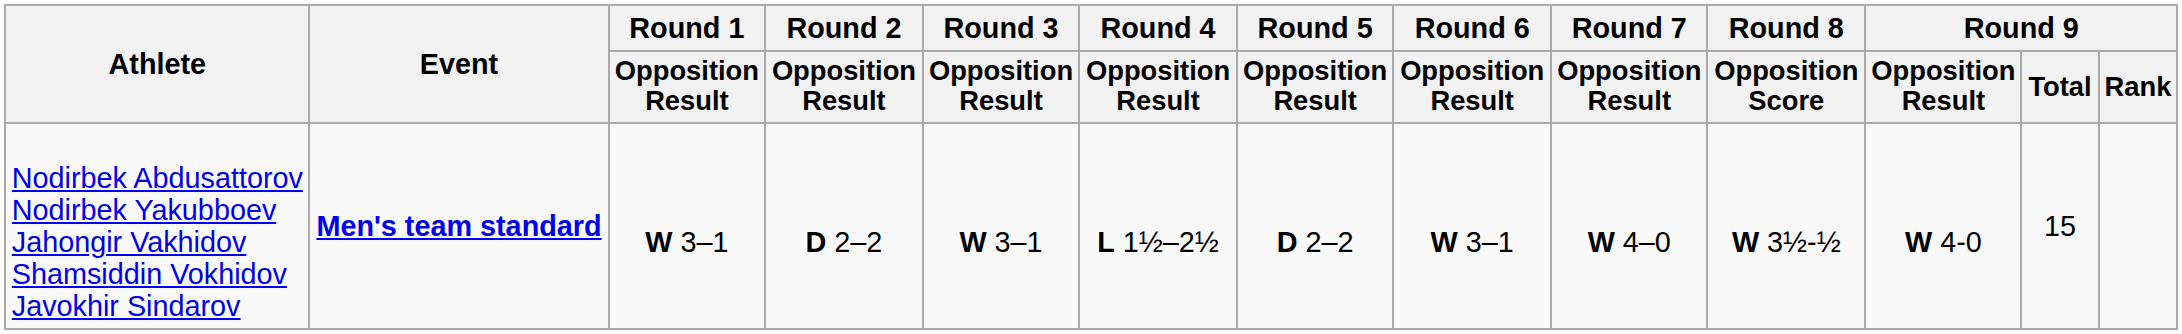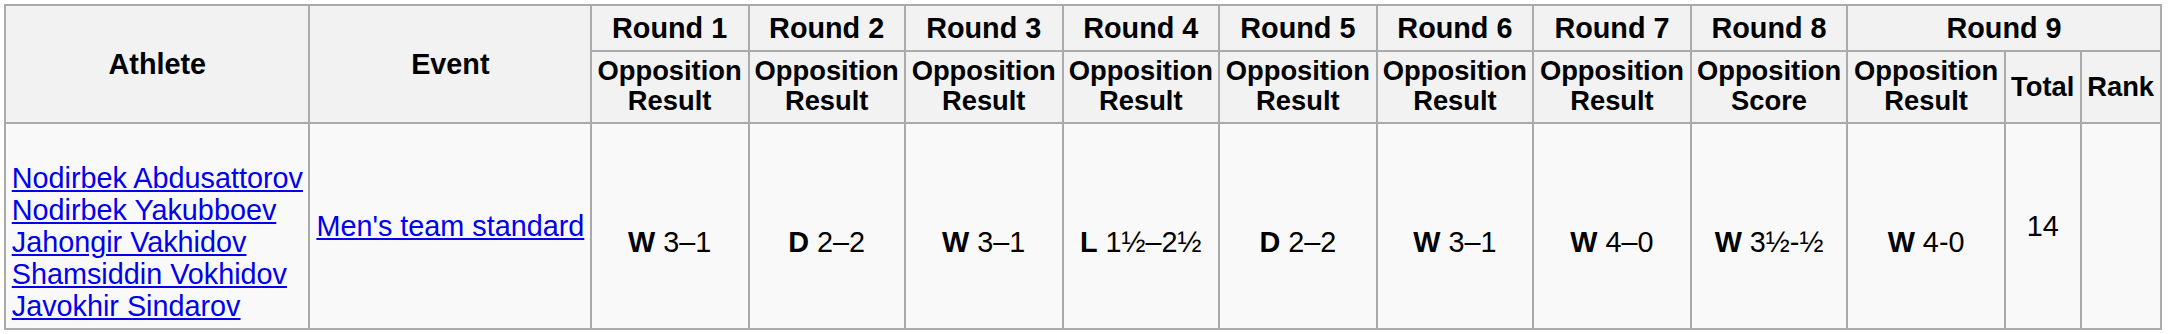 <table class=wikitable style=font-size:90%;text-align:center>
 <tr>
 <th rowspan="2">Athlete</th>
 <th rowspan="2">Event</th>
 <th>Round 1</th>
 <th>Round 2</th>
 <th>Round 3</th>
 <th>Round 4</th>
 <th>Round 5</th>
 <th>Round 6</th>
 <th>Round 7</th>
 <th>Round 8</th>
 <th colspan=3>Round 9</th>
 </tr>
 <tr style="font-size:95%">
 <th>Opposition<br>Result</th>
 <th>Opposition<br>Result</th>
 <th>Opposition<br>Result</th>
 <th>Opposition<br>Result</th>
 <th>Opposition<br>Result</th>
 <th>Opposition<br>Result</th>
 <th>Opposition<br>Result</th>
 <th>Opposition<br>Score</th>
 <th>Opposition<br>Result</th>
 <th>Total</th>
 <th>Rank</th>
 </tr>
 <tr>
 <td align=left><br><a href='#'>Nodirbek Abdusattorov</a><br><a href='#'>Nodirbek Yakubboev</a><br><a href='#'>Jahongir Vakhidov</a><br><a href='#'>Shamsiddin Vokhidov</a><br><a href='#'>Javokhir Sindarov</a></td>
-<td align=left><strong><a href='#'>Men's team standard</a></strong></td>
+<td align=left><a href='#'>Men's team standard</a></td>
 <td><br><strong>W</strong> 3–1</td>
 <td><br><strong>D</strong> 2–2</td>
 <td><br><strong>W</strong> 3–1</td>
 <td><br><strong>L</strong> 1½–2½</td>
 <td><br><strong>D</strong> 2–2</td>
 <td><br><strong>W</strong> 3–1</td>
 <td><br><strong>W</strong> 4–0</td>
 <td><br><strong>W</strong> 3½-½</td>
 <td><br><strong>W</strong> 4-0</td>
-<td>15</td>
+<td>14</td>
 <td></td>
 </tr>
 </table>
